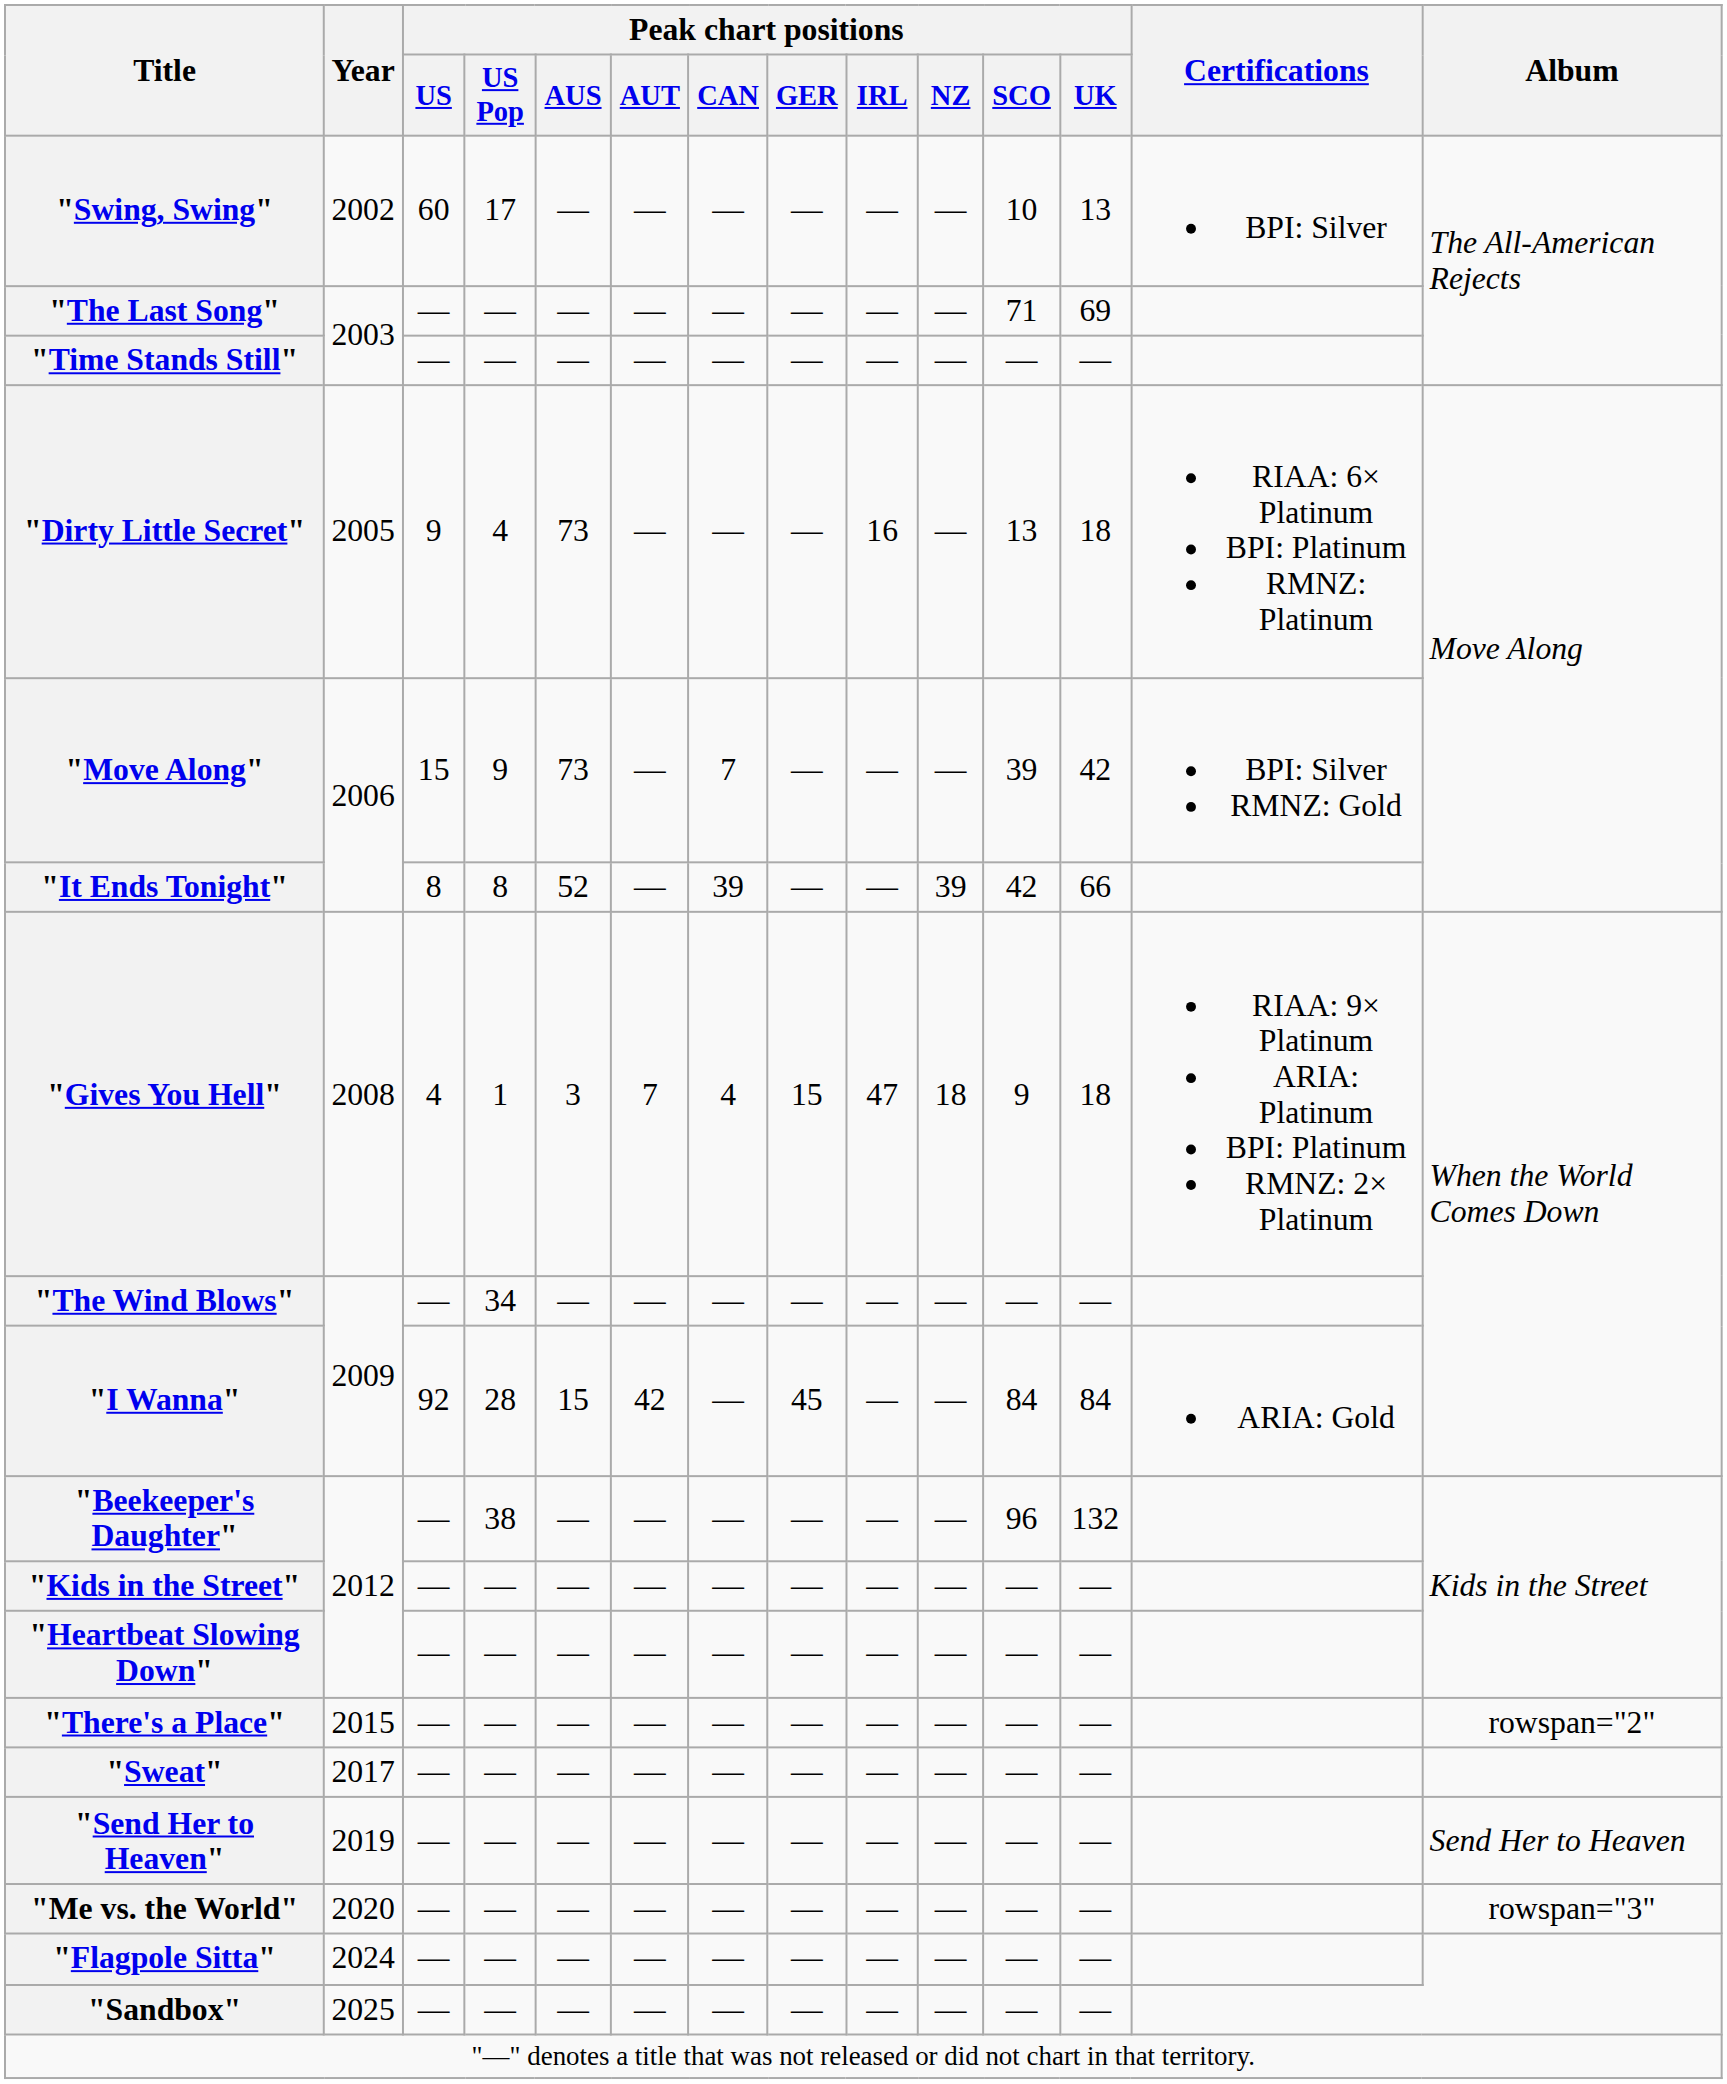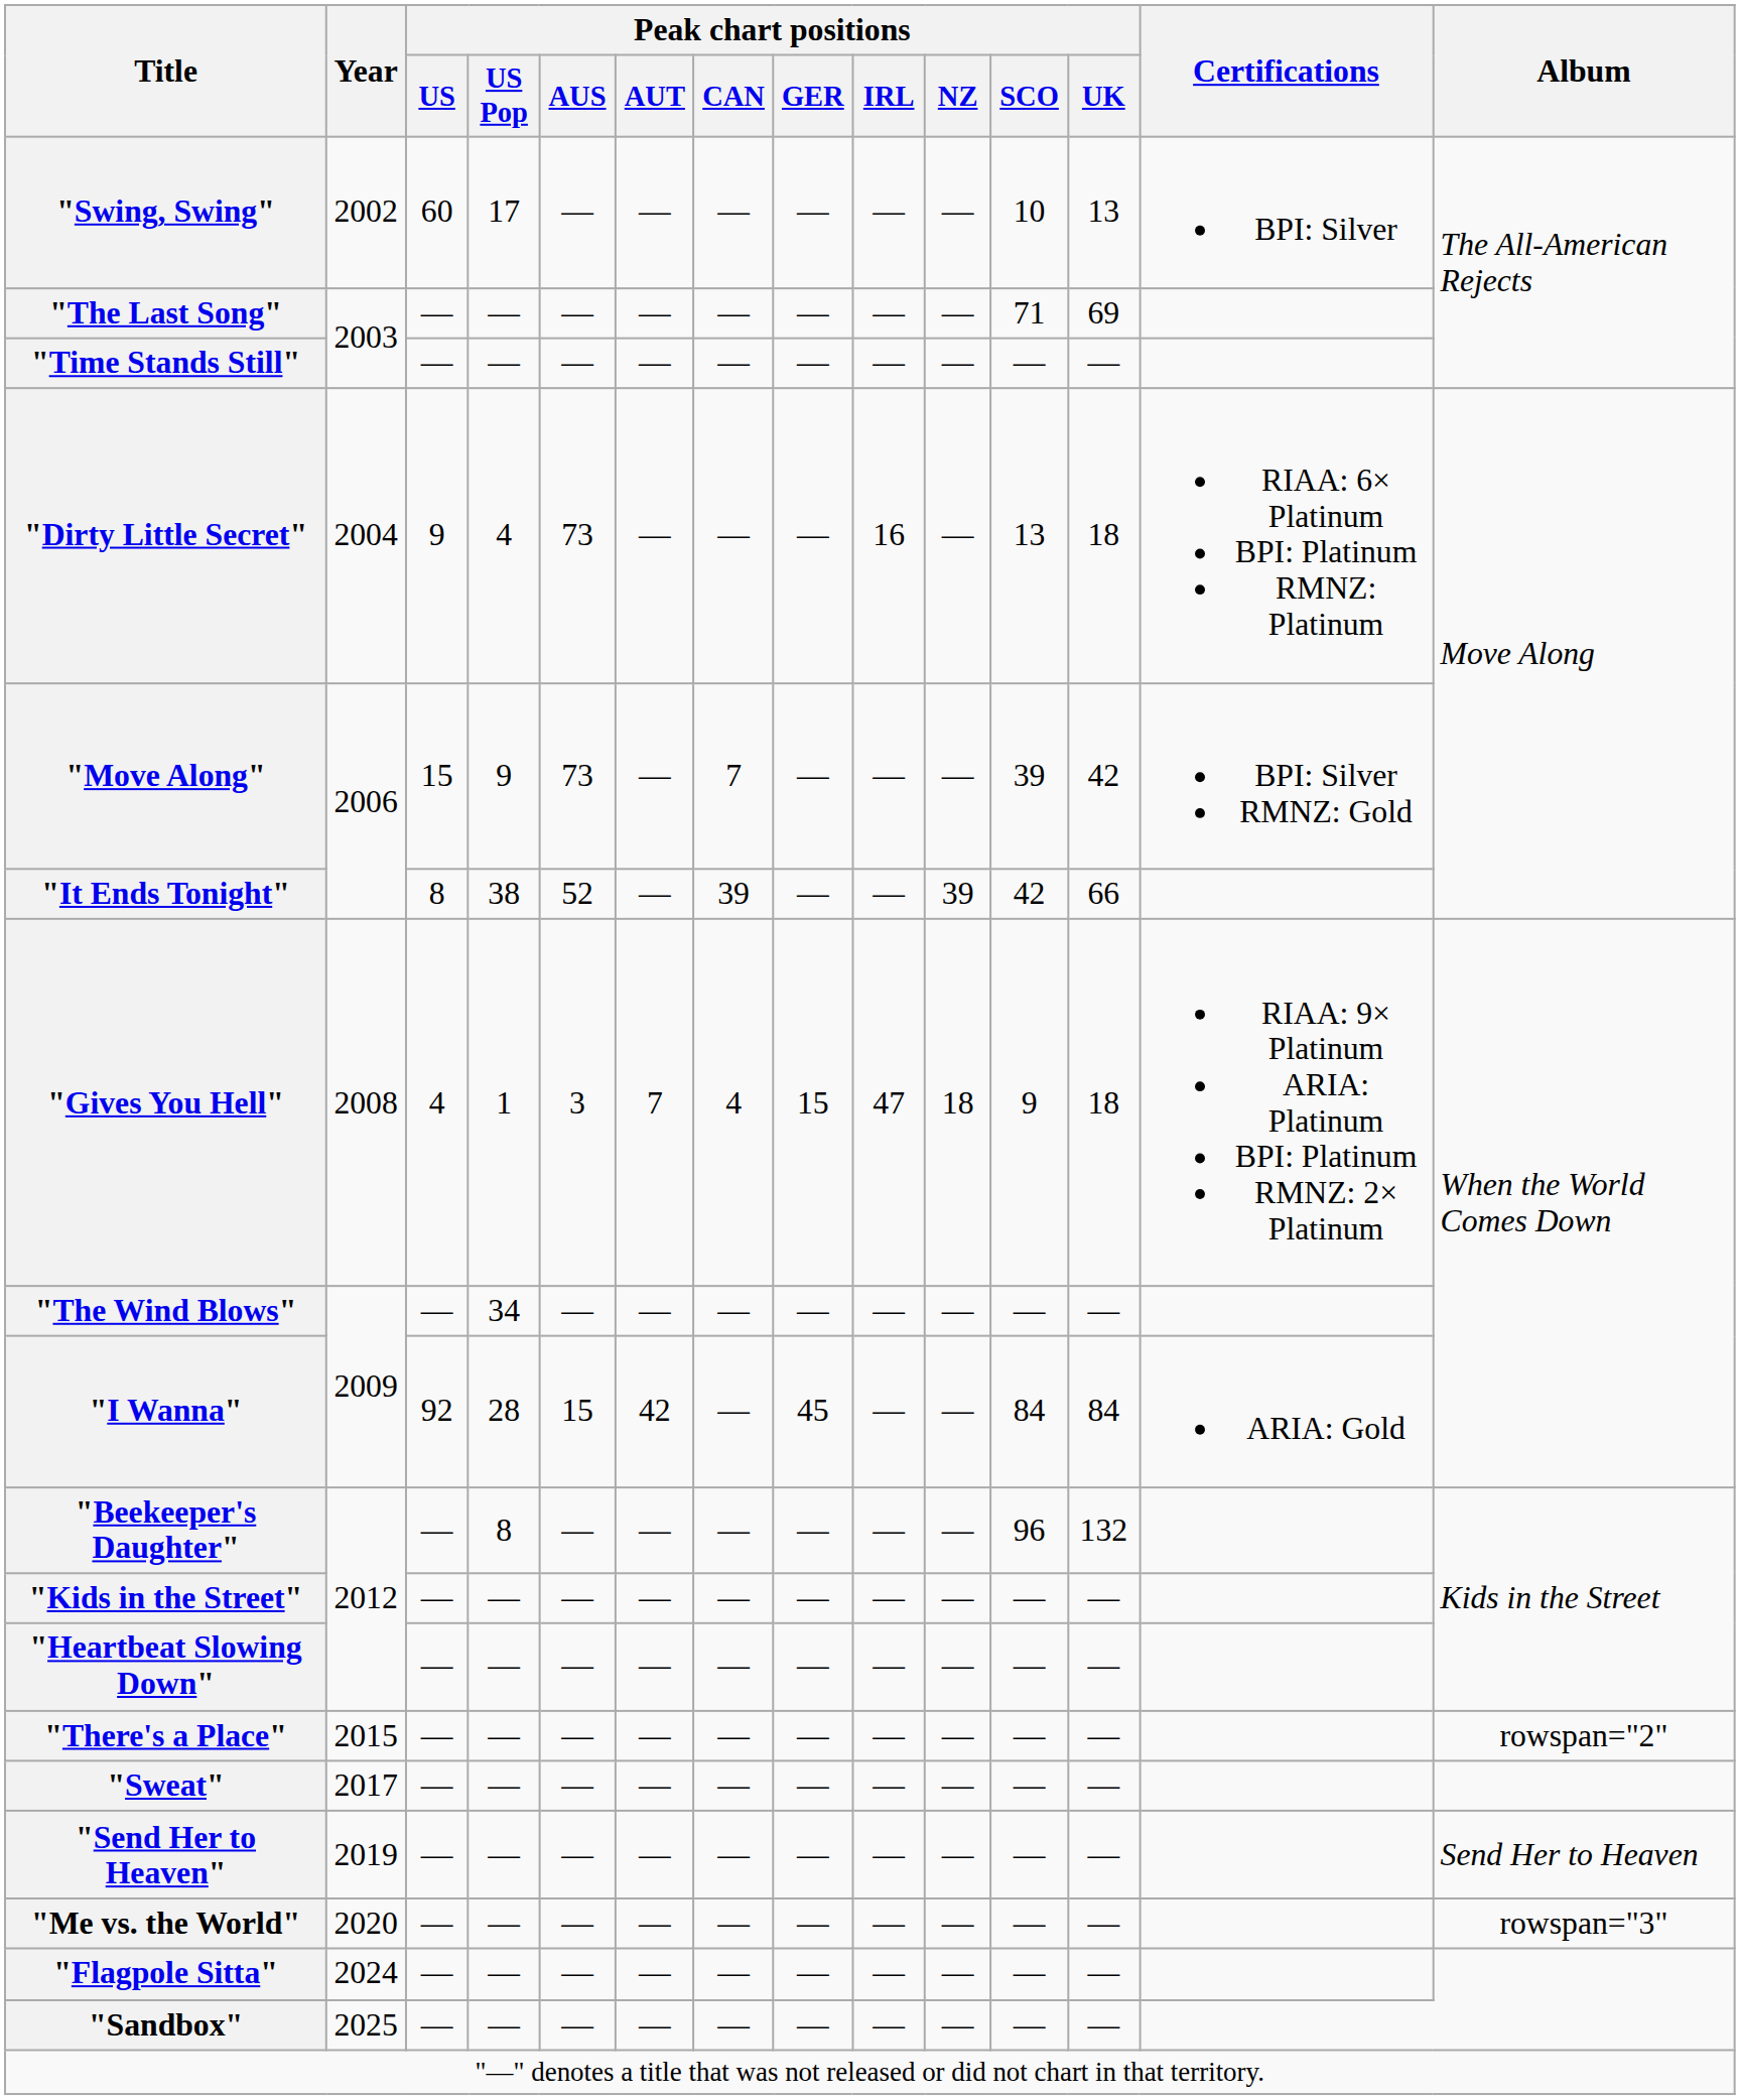 <table class="wikitable plainrowheaders" style="text-align:center;">
 <tr>
 <th scope="col" rowspan="2" style="width:16em;">Title</th>
 <th scope="col" rowspan="2" style="width:1em;">Year</th>
 <th scope="col" colspan="10">Peak chart positions</th>
 <th scope="col" rowspan="2" style="width:13em;"><a href='#'>Certifications</a></th>
 <th scope="col" rowspan="2" style="width:15em;">Album</th>
 </tr>
 <tr>
 <th scope="col" style="width:2.5em;font-size:90%;"><a href='#'>US</a><br></th>
 <th scope="col" style="width:2.5em;font-size:90%;"><a href='#'>US<br>Pop</a><br></th>
 <th scope="col" style="width:2.5em;font-size:90%;"><a href='#'>AUS</a><br></th>
 <th scope="col" style="width:2.5em;font-size:90%;"><a href='#'>AUT</a><br></th>
 <th scope="col" style="width:2.5em;font-size:90%;"><a href='#'>CAN</a><br></th>
 <th scope="col" style="width:2.5em;font-size:90%;"><a href='#'>GER</a><br></th>
 <th scope="col" style="width:2.5em;font-size:90%;"><a href='#'>IRL</a><br></th>
 <th scope="col" style="width:2.5em;font-size:90%;"><a href='#'>NZ</a><br></th>
 <th scope="col" style="width:2.5em;font-size:90%;"><a href='#'>SCO</a><br></th>
 <th scope="col" style="width:2.5em;font-size:90%;"><a href='#'>UK</a><br></th>
 </tr>
 <tr>
 <th scope="row">"<a href='#'>Swing, Swing</a>"</th>
 <td>2002</td>
 <td>60</td>
 <td>17</td>
 <td>—</td>
 <td>—</td>
 <td>—</td>
 <td>—</td>
 <td>—</td>
 <td>—</td>
 <td>10</td>
 <td>13</td>
 <td><br><ul><li>BPI: Silver</li></ul></td>
 <td rowspan="3" style="text-align:left;"><em>The All-American Rejects</em></td>
 </tr>
 <tr>
 <th scope="row">"<a href='#'>The Last Song</a>"</th>
 <td rowspan="2">2003</td>
 <td>—</td>
 <td>—</td>
 <td>—</td>
 <td>—</td>
 <td>—</td>
 <td>—</td>
 <td>—</td>
 <td>—</td>
 <td>71</td>
 <td>69</td>
 <td></td>
 </tr>
 <tr>
 <th scope="row">"<a href='#'>Time Stands Still</a>"</th>
 <td>—</td>
 <td>—</td>
 <td>—</td>
 <td>—</td>
 <td>—</td>
 <td>—</td>
 <td>—</td>
 <td>—</td>
 <td>—</td>
 <td>—</td>
 <td></td>
 </tr>
 <tr>
 <th scope="row">"<a href='#'>Dirty Little Secret</a>"</th>
-<td>2005</td>
+<td>2004</td>
 <td>9</td>
 <td>4</td>
 <td>73</td>
 <td>—</td>
 <td>—</td>
 <td>—</td>
 <td>16</td>
 <td>—</td>
 <td>13</td>
 <td>18</td>
 <td><br><ul><li>RIAA: 6× Platinum</li><li>BPI: Platinum</li><li>RMNZ: Platinum</li></ul></td>
 <td rowspan="3" style="text-align:left;"><em>Move Along</em></td>
 </tr>
 <tr>
 <th scope="row">"<a href='#'>Move Along</a>"</th>
 <td rowspan="2">2006</td>
 <td>15</td>
 <td>9</td>
 <td>73</td>
 <td>—</td>
 <td>7</td>
 <td>—</td>
 <td>—</td>
 <td>—</td>
 <td>39</td>
 <td>42</td>
 <td><br><ul><li>BPI: Silver</li><li>RMNZ: Gold</li></ul></td>
 </tr>
 <tr>
 <th scope="row">"<a href='#'>It Ends Tonight</a>"</th>
 <td>8</td>
-<td>8</td>
+<td>38</td>
 <td>52</td>
 <td>—</td>
 <td>39</td>
 <td>—</td>
 <td>—</td>
 <td>39</td>
 <td>42</td>
 <td>66</td>
 <td></td>
 </tr>
 <tr>
 <th scope="row">"<a href='#'>Gives You Hell</a>"</th>
 <td>2008</td>
 <td>4</td>
 <td>1</td>
 <td>3</td>
 <td>7</td>
 <td>4</td>
 <td>15</td>
 <td>47</td>
 <td>18</td>
 <td>9</td>
 <td>18</td>
 <td><br><ul><li>RIAA: 9× Platinum</li><li>ARIA: Platinum</li><li>BPI: Platinum</li><li>RMNZ: 2× Platinum</li></ul></td>
 <td rowspan="3" style="text-align:left;"><em>When the World Comes Down</em></td>
 </tr>
 <tr>
 <th scope="row">"<a href='#'>The Wind Blows</a>"</th>
 <td rowspan="2">2009</td>
 <td>—</td>
 <td>34</td>
 <td>—</td>
 <td>—</td>
 <td>—</td>
 <td>—</td>
 <td>—</td>
 <td>—</td>
 <td>—</td>
 <td>—</td>
 <td></td>
 </tr>
 <tr>
 <th scope="row">"<a href='#'>I Wanna</a>"</th>
 <td>92</td>
 <td>28</td>
 <td>15</td>
 <td>42</td>
 <td>—</td>
 <td>45</td>
 <td>—</td>
 <td>—</td>
 <td>84</td>
 <td>84</td>
 <td><br><ul><li>ARIA: Gold</li></ul></td>
 </tr>
 <tr>
 <th scope="row">"<a href='#'>Beekeeper's Daughter</a>"</th>
 <td rowspan="3">2012</td>
 <td>—</td>
-<td>38</td>
+<td>8</td>
 <td>—</td>
 <td>—</td>
 <td>—</td>
 <td>—</td>
 <td>—</td>
 <td>—</td>
 <td>96</td>
 <td>132</td>
 <td></td>
 <td rowspan="3" style="text-align:left;"><em>Kids in the Street</em></td>
 </tr>
 <tr>
 <th scope="row">"<a href='#'>Kids in the Street</a>"</th>
 <td>—</td>
 <td>—</td>
 <td>—</td>
 <td>—</td>
 <td>—</td>
 <td>—</td>
 <td>—</td>
 <td>—</td>
 <td>—</td>
 <td>—</td>
 <td></td>
 </tr>
 <tr>
 <th scope="row">"<a href='#'>Heartbeat Slowing Down</a>"</th>
 <td>—</td>
 <td>—</td>
 <td>—</td>
 <td>—</td>
 <td>—</td>
 <td>—</td>
 <td>—</td>
 <td>—</td>
 <td>—</td>
 <td>—</td>
 <td></td>
 </tr>
 <tr>
 <th scope="row">"<a href='#'>There's a Place</a>"</th>
 <td>2015</td>
 <td>—</td>
 <td>—</td>
 <td>—</td>
 <td>—</td>
 <td>—</td>
 <td>—</td>
 <td>—</td>
 <td>—</td>
 <td>—</td>
 <td>—</td>
 <td></td>
 <td>rowspan="2" </td>
 </tr>
 <tr>
 <th scope="row">"<a href='#'>Sweat</a>"</th>
 <td>2017</td>
 <td>—</td>
 <td>—</td>
 <td>—</td>
 <td>—</td>
 <td>—</td>
 <td>—</td>
 <td>—</td>
 <td>—</td>
 <td>—</td>
 <td>—</td>
 <td></td>
 </tr>
 <tr>
 <th scope="row">"<a href='#'>Send Her to Heaven</a>"</th>
 <td>2019</td>
 <td>—</td>
 <td>—</td>
 <td>—</td>
 <td>—</td>
 <td>—</td>
 <td>—</td>
 <td>—</td>
 <td>—</td>
 <td>—</td>
 <td>—</td>
 <td></td>
 <td style="text-align:left;"><em>Send Her to Heaven</em></td>
 </tr>
 <tr>
 <th scope="row">"Me vs. the World"</th>
 <td>2020</td>
 <td>—</td>
 <td>—</td>
 <td>—</td>
 <td>—</td>
 <td>—</td>
 <td>—</td>
 <td>—</td>
 <td>—</td>
 <td>—</td>
 <td>—</td>
 <td></td>
 <td>rowspan="3" </td>
 </tr>
 <tr>
 <th scope="row">"<a href='#'>Flagpole Sitta</a>"</th>
 <td>2024</td>
 <td>—</td>
 <td>—</td>
 <td>—</td>
 <td>—</td>
 <td>—</td>
 <td>—</td>
 <td>—</td>
 <td>—</td>
 <td>—</td>
 <td>—</td>
 <td></td>
 </tr>
 <tr>
 <th scope="row">"Sandbox"</th>
 <td>2025</td>
 <td>—</td>
 <td>—</td>
 <td>—</td>
 <td>—</td>
 <td>—</td>
 <td>—</td>
 <td>—</td>
 <td>—</td>
 <td>—</td>
 <td>—</td>
 </tr>
 <tr>
 <td colspan="15" style="text-align:center; font-size:85%">"—" denotes a title that was not released or did not chart in that territory.</td>
 </tr>
 </table>
